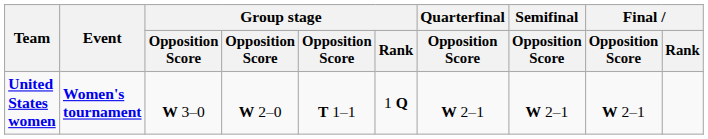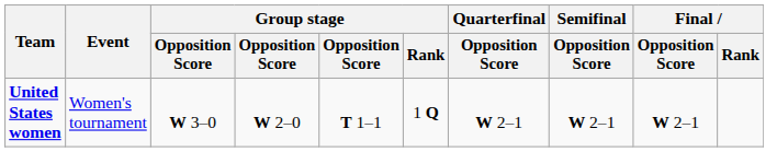 <table class=wikitable style=font-size:90%;text-align:center>
 <tr>
 <th rowspan=2>Team</th>
 <th rowspan=2>Event</th>
 <th colspan=4>Group stage</th>
 <th>Quarterfinal</th>
 <th>Semifinal</th>
 <th colspan=2>Final / </th>
 </tr>
 <tr style=font-size:95%>
 <th>Opposition<br>Score</th>
 <th>Opposition<br>Score</th>
 <th>Opposition<br>Score</th>
 <th>Rank</th>
 <th>Opposition<br>Score</th>
 <th>Opposition<br>Score</th>
 <th>Opposition<br>Score</th>
 <th>Rank</th>
 </tr>
 <tr>
 <td align=left><strong><a href='#'>United States women</a></strong></td>
-<td align=left><strong><a href='#'>Women's tournament</a></strong></td>
+<td align=left><a href='#'>Women's tournament</a></td>
 <td><br><strong>W</strong> 3–0</td>
 <td><br><strong>W</strong> 2–0</td>
 <td><br><strong>T</strong> 1–1</td>
 <td>1 <strong>Q</strong></td>
 <td><br><strong>W</strong> 2–1</td>
 <td><br><strong>W</strong> 2–1</td>
 <td><br><strong>W</strong> 2–1</td>
 <td></td>
 </tr>
 </table>
